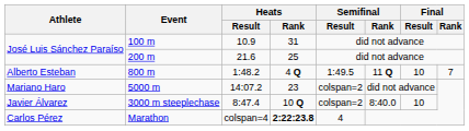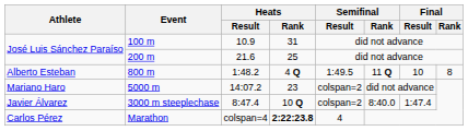 <table class="wikitable" style="font-size:90%">
 <tr>
 <th rowspan="2">Athlete</th>
 <th rowspan="2">Event</th>
 <th colspan="2">Heats</th>
 <th colspan="2">Semifinal</th>
 <th colspan="2">Final</th>
 </tr>
 <tr style="font-size:95%">
 <th>Result</th>
 <th>Rank</th>
 <th>Result</th>
 <th>Rank</th>
 <th>Result</th>
 <th>Rank</th>
 </tr>
 <tr align=center>
 <td align=left rowspan=2><a href='#'>José Luis Sánchez Paraíso</a></td>
 <td align=left><a href='#'>100 m</a></td>
 <td>10.9</td>
 <td>31</td>
 <td colspan=4>did not advance</td>
 </tr>
 <tr align=center>
 <td align=left><a href='#'>200 m</a></td>
 <td>21.6</td>
 <td>25</td>
 <td colspan=4>did not advance</td>
 </tr>
 <tr align=center>
 <td align=left><a href='#'>Alberto Esteban</a></td>
 <td align=left><a href='#'>800 m</a></td>
 <td>1:48.2</td>
 <td>4 <strong>Q</strong></td>
 <td>1:49.5</td>
 <td>11 <strong>Q</strong></td>
 <td>10</td>
-<td>7</td>
+<td>8</td>
 </tr>
 <tr align=center>
 <td align=left><a href='#'>Mariano Haro</a></td>
 <td align=left><a href='#'>5000 m</a></td>
 <td>14:07.2</td>
 <td>23</td>
 <td>colspan=2 </td>
 <td colspan=2>did not advance</td>
 </tr>
 <tr align=center>
 <td align=left><a href='#'>Javier Álvarez</a></td>
 <td align=left><a href='#'>3000 m steeplechase</a></td>
 <td>8:47.4</td>
 <td>10 <strong>Q</strong></td>
 <td>colspan=2 </td>
 <td>8:40.0</td>
-<td>10</td>
+<td>1:47.4</td>
 </tr>
 <tr align=center>
 <td align=left><a href='#'>Carlos Pérez</a></td>
 <td align=left><a href='#'>Marathon</a></td>
 <td>colspan=4 </td>
 <td><strong>2:22:23.8</strong></td>
 <td>4</td>
 </tr>
 </table>
